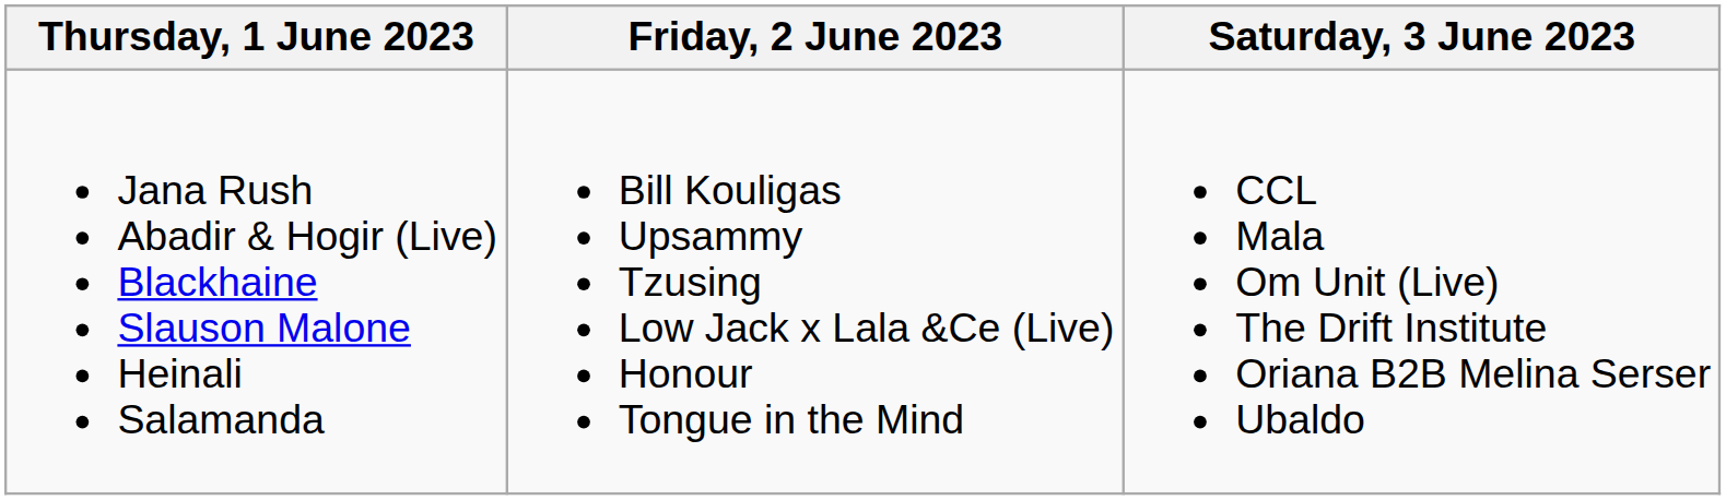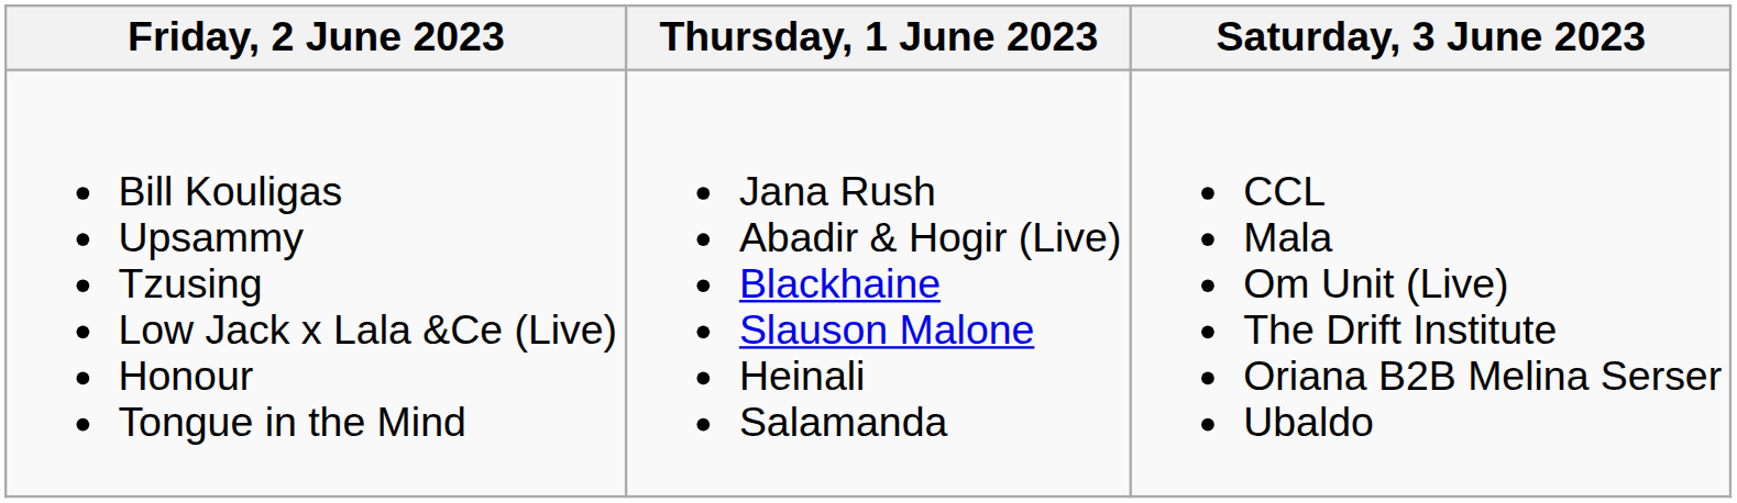 <table class="wikitable">
 <tr>
+<th>Friday, 2 June 2023</th>
 <th>Thursday, 1 June 2023</th>
-<th>Friday, 2 June 2023</th>
 <th>Saturday, 3 June 2023</th>
 </tr>
 <tr valign="top">
+<td><br><ul><li>Bill Kouligas</li><li>Upsammy</li><li>Tzusing</li><li>Low Jack x Lala &Ce (Live)</li><li>Honour</li><li>Tongue in the Mind</li></ul></td>
 <td><br><ul><li>Jana Rush</li><li>Abadir & Hogir (Live)</li><li><a href='#'>Blackhaine</a></li><li><a href='#'>Slauson Malone</a></li><li>Heinali</li><li>Salamanda</li></ul></td>
-<td><br><ul><li>Bill Kouligas</li><li>Upsammy</li><li>Tzusing</li><li>Low Jack x Lala &Ce (Live)</li><li>Honour</li><li>Tongue in the Mind</li></ul></td>
 <td><br><ul><li>CCL</li><li>Mala</li><li>Om Unit (Live)</li><li>The Drift Institute</li><li>Oriana B2B Melina Serser</li><li>Ubaldo</li></ul></td>
 </tr>
 </table>
